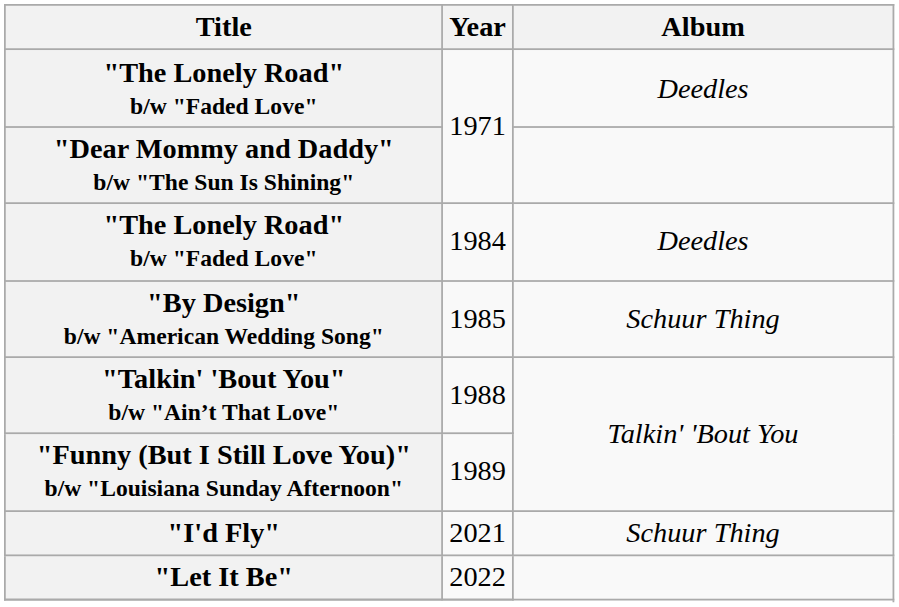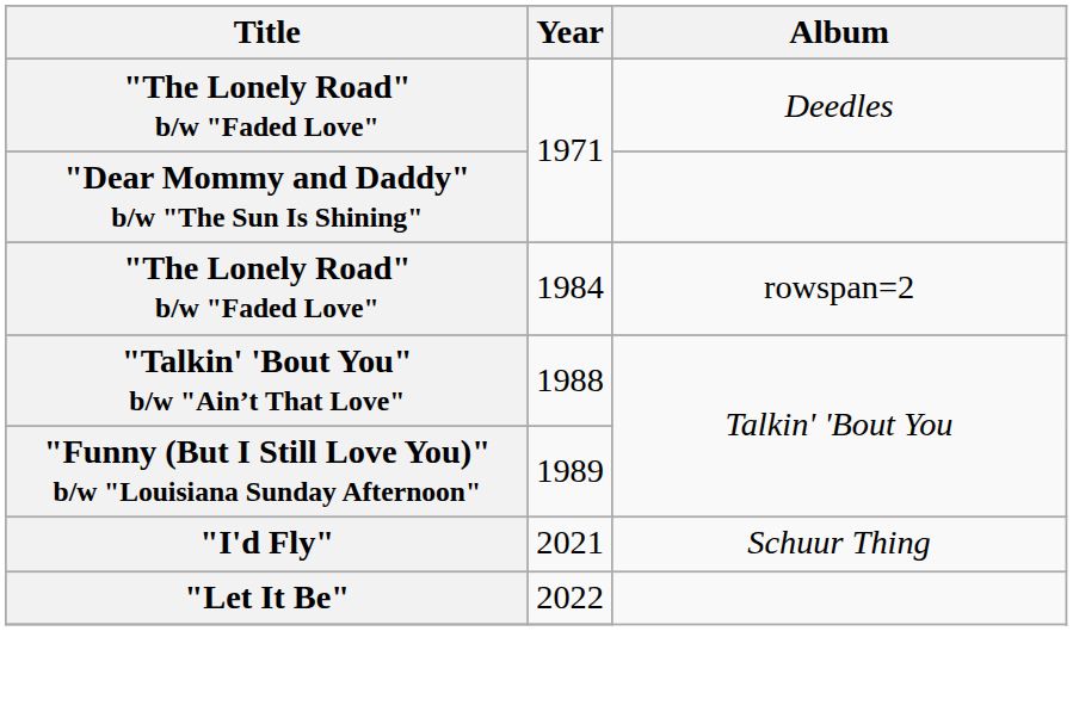 <table class="wikitable plainrowheaders" style="text-align: center;">
 <tr>
 <th scope="col" style="width:15em;">Title</th>
 <th>Year</th>
 <th scope="col" style="width:13em;">Album</th>
 </tr>
 <tr>
 <th scope="row">"The Lonely Road"<br><small>b/w "Faded Love"</small></th>
 <td rowspan=2>1971</td>
 <td><em>Deedles</em></td>
 </tr>
 <tr>
 <th scope="row">"Dear Mommy and Daddy"<br><small>b/w "The Sun Is Shining"</small></th>
 </tr>
 <tr>
 <th scope="row">"The Lonely Road"<br><small>b/w "Faded Love"</small></th>
 <td>1984</td>
-<td><em>Deedles</em></td>
-</tr>
-<tr>
-<th scope="row">"By Design"<br><small>b/w "American Wedding Song"</small></th>
-<td>1985</td>
-<td><em>Schuur Thing</em></td>
+<td>rowspan=2 </td>
 </tr>
 <tr>
 <th scope="row">"Talkin' 'Bout You"<br><small>b/w "Ain’t That Love"</small></th>
 <td>1988</td>
 <td rowspan=2><em>Talkin' 'Bout You</em></td>
 </tr>
 <tr>
 <th scope="row">"Funny (But I Still Love You)"<br><small>b/w "Louisiana Sunday Afternoon"</small></th>
 <td>1989</td>
 </tr>
 <tr>
 <th scope="row">"I'd Fly"</th>
 <td>2021</td>
 <td><em>Schuur Thing</em></td>
 </tr>
 <tr>
 <th scope="row">"Let It Be"</th>
 <td>2022</td>
 </tr>
 <tr>
 </tr>
 </table>
